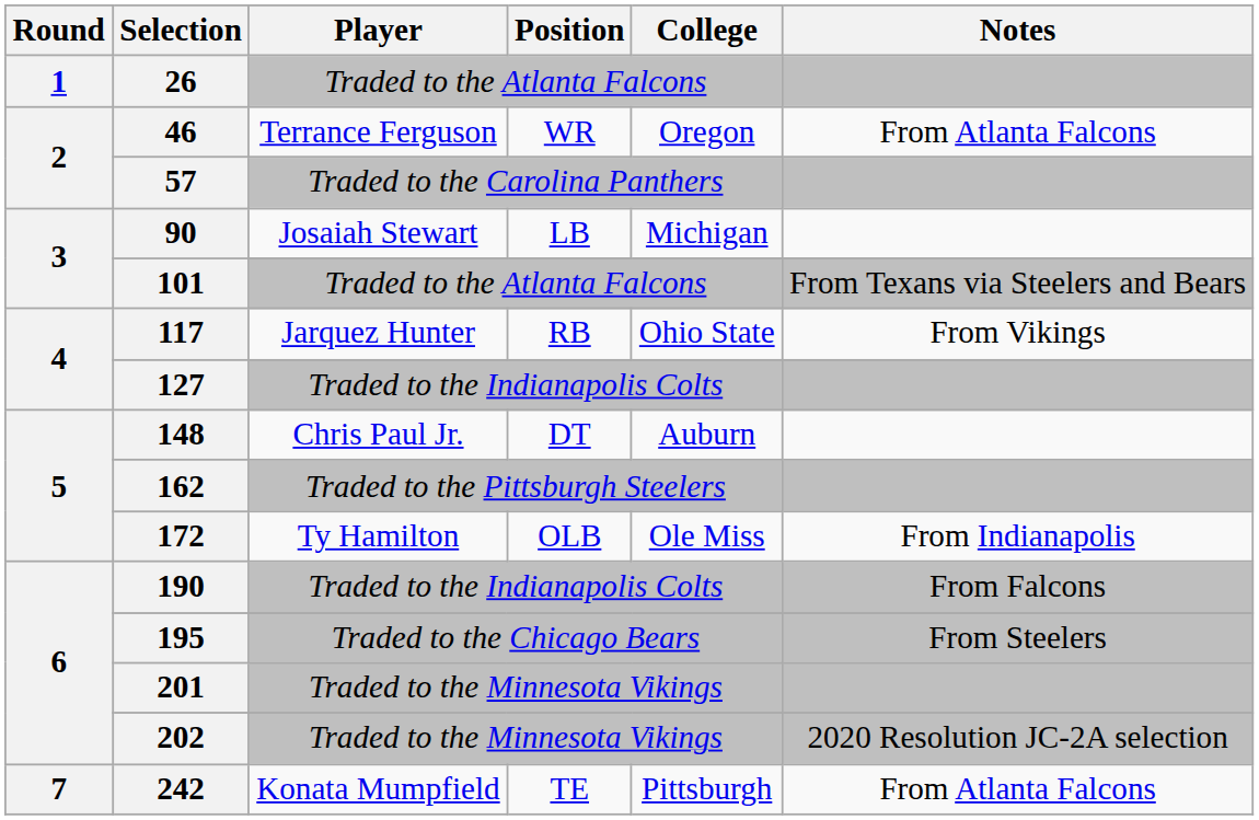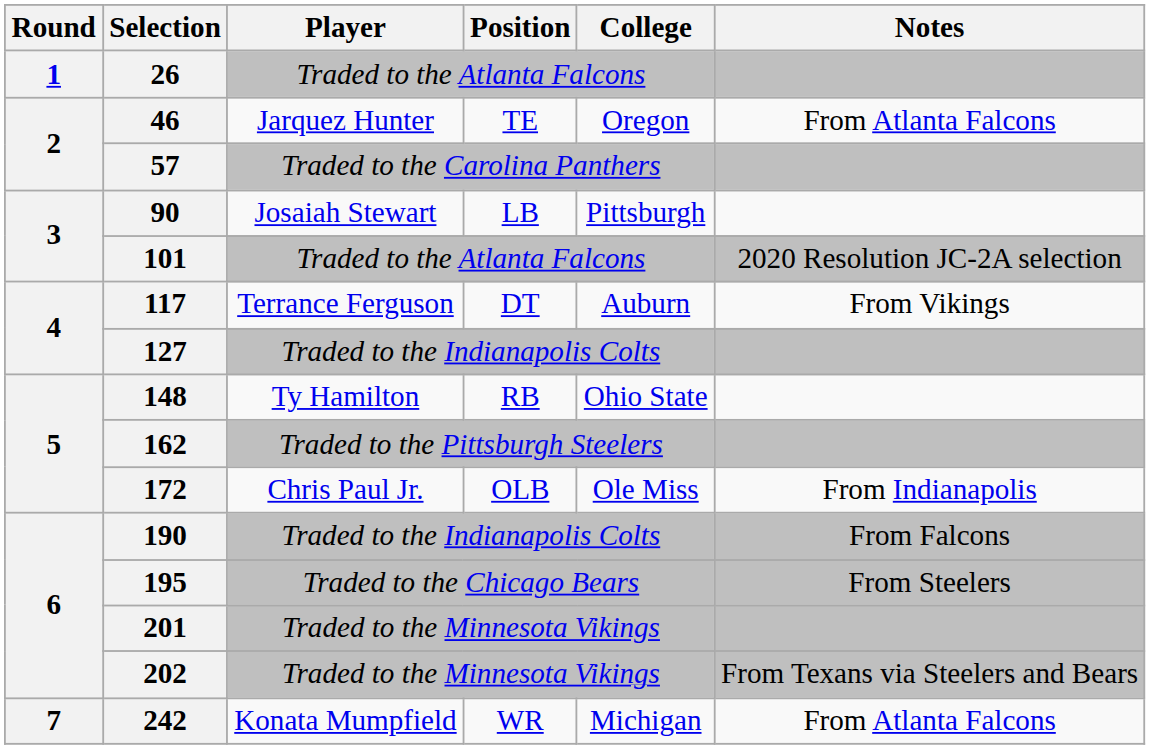 <table class="wikitable" style="text-align:center">
 <tr>
 <th>Round</th>
 <th>Selection</th>
 <th>Player</th>
 <th>Position</th>
 <th>College</th>
 <th>Notes</th>
 </tr>
 <tr>
 <th><a href='#'>1</a></th>
 <th>26</th>
 <td colspan="3" style="background:#BFBFBF"><em>Traded to the <a href='#'>Atlanta Falcons</a></em></td>
 <td style="background:#BFBFBF"></td>
 </tr>
 <tr>
 <th rowspan="2">2</th>
 <th>46</th>
-<td><a href='#'>Terrance Ferguson</a> </td>
-<td><a href='#'>WR</a></td>
+<td><a href='#'>Jarquez Hunter</a></td>
+<td><a href='#'>TE</a></td>
 <td> <a href='#'>Oregon</a></td>
 <td>From <a href='#'>Atlanta Falcons</a></td>
 </tr>
 <tr>
 <th>57</th>
 <td colspan="3" style="background:#BFBFBF"><em>Traded to the <a href='#'>Carolina Panthers</a></em></td>
 <td style="background:#BFBFBF"></td>
 </tr>
 <tr>
 <th rowspan="2">3</th>
 <th>90</th>
 <td><a href='#'>Josaiah Stewart</a> </td>
 <td><a href='#'>LB</a></td>
-<td> <a href='#'>Michigan</a></td>
+<td><a href='#'>Pittsburgh</a></td>
 <td></td>
 </tr>
 <tr>
 <th>101</th>
 <td colspan="3" style="background:#BFBFBF"><em>Traded to the <a href='#'>Atlanta Falcons</a></em></td>
-<td style="background:#BFBFBF">From Texans via Steelers and Bears</td>
+<td style="background:#BFBFBF">2020 Resolution JC-2A selection</td>
 </tr>
 <tr>
 <th rowspan="2">4</th>
 <th>117</th>
-<td><a href='#'>Jarquez Hunter</a></td>
-<td><a href='#'>RB</a></td>
-<td><a href='#'>Ohio State</a></td>
+<td><a href='#'>Terrance Ferguson</a> </td>
+<td><a href='#'>DT</a></td>
+<td><a href='#'>Auburn</a></td>
 <td>From Vikings</td>
 </tr>
 <tr>
 <th>127</th>
 <td colspan="3" style="background:#BFBFBF"><em>Traded to the <a href='#'>Indianapolis Colts</a></em></td>
 <td style="background:#BFBFBF"></td>
 </tr>
 <tr>
 <th rowspan="3">5</th>
 <th>148</th>
-<td><a href='#'>Chris Paul Jr.</a></td>
-<td><a href='#'>DT</a></td>
-<td><a href='#'>Auburn</a></td>
+<td><a href='#'>Ty Hamilton</a></td>
+<td><a href='#'>RB</a></td>
+<td><a href='#'>Ohio State</a></td>
 <td></td>
 </tr>
 <tr>
 <th>162</th>
 <td colspan="3" style="background:#BFBFBF"><em>Traded to the <a href='#'>Pittsburgh Steelers</a></em></td>
 <td style="background:#BFBFBF"></td>
 </tr>
 <tr>
 <th>172</th>
-<td><a href='#'>Ty Hamilton</a></td>
+<td><a href='#'>Chris Paul Jr.</a></td>
 <td><a href='#'>OLB</a></td>
 <td><a href='#'>Ole Miss</a></td>
 <td>From <a href='#'>Indianapolis</a></td>
 </tr>
 <tr>
 <th rowspan="4">6</th>
 <th>190</th>
 <td colspan="3" style="background:#BFBFBF"><em>Traded to the <a href='#'>Indianapolis Colts</a></em></td>
 <td style="background:#BFBFBF">From Falcons</td>
 </tr>
 <tr>
 <th>195</th>
 <td colspan="3" style="background:#BFBFBF"><em>Traded to the <a href='#'>Chicago Bears</a></em></td>
 <td style="background:#BFBFBF">From Steelers</td>
 </tr>
 <tr>
 <th>201</th>
 <td colspan="3" style="background:#BFBFBF"><em>Traded to the <a href='#'>Minnesota Vikings</a></em></td>
 <td style="background:#BFBFBF"></td>
 </tr>
 <tr>
 <th>202</th>
 <td colspan="3" style="background:#BFBFBF"><em>Traded to the <a href='#'>Minnesota Vikings</a></em></td>
-<td style="background:#BFBFBF">2020 Resolution JC-2A selection</td>
+<td style="background:#BFBFBF">From Texans via Steelers and Bears</td>
 </tr>
 <tr>
 <th>7</th>
 <th>242</th>
 <td><a href='#'>Konata Mumpfield</a></td>
-<td><a href='#'>TE</a></td>
-<td><a href='#'>Pittsburgh</a></td>
+<td><a href='#'>WR</a></td>
+<td> <a href='#'>Michigan</a></td>
 <td>From <a href='#'>Atlanta Falcons</a></td>
 </tr>
 </table>
